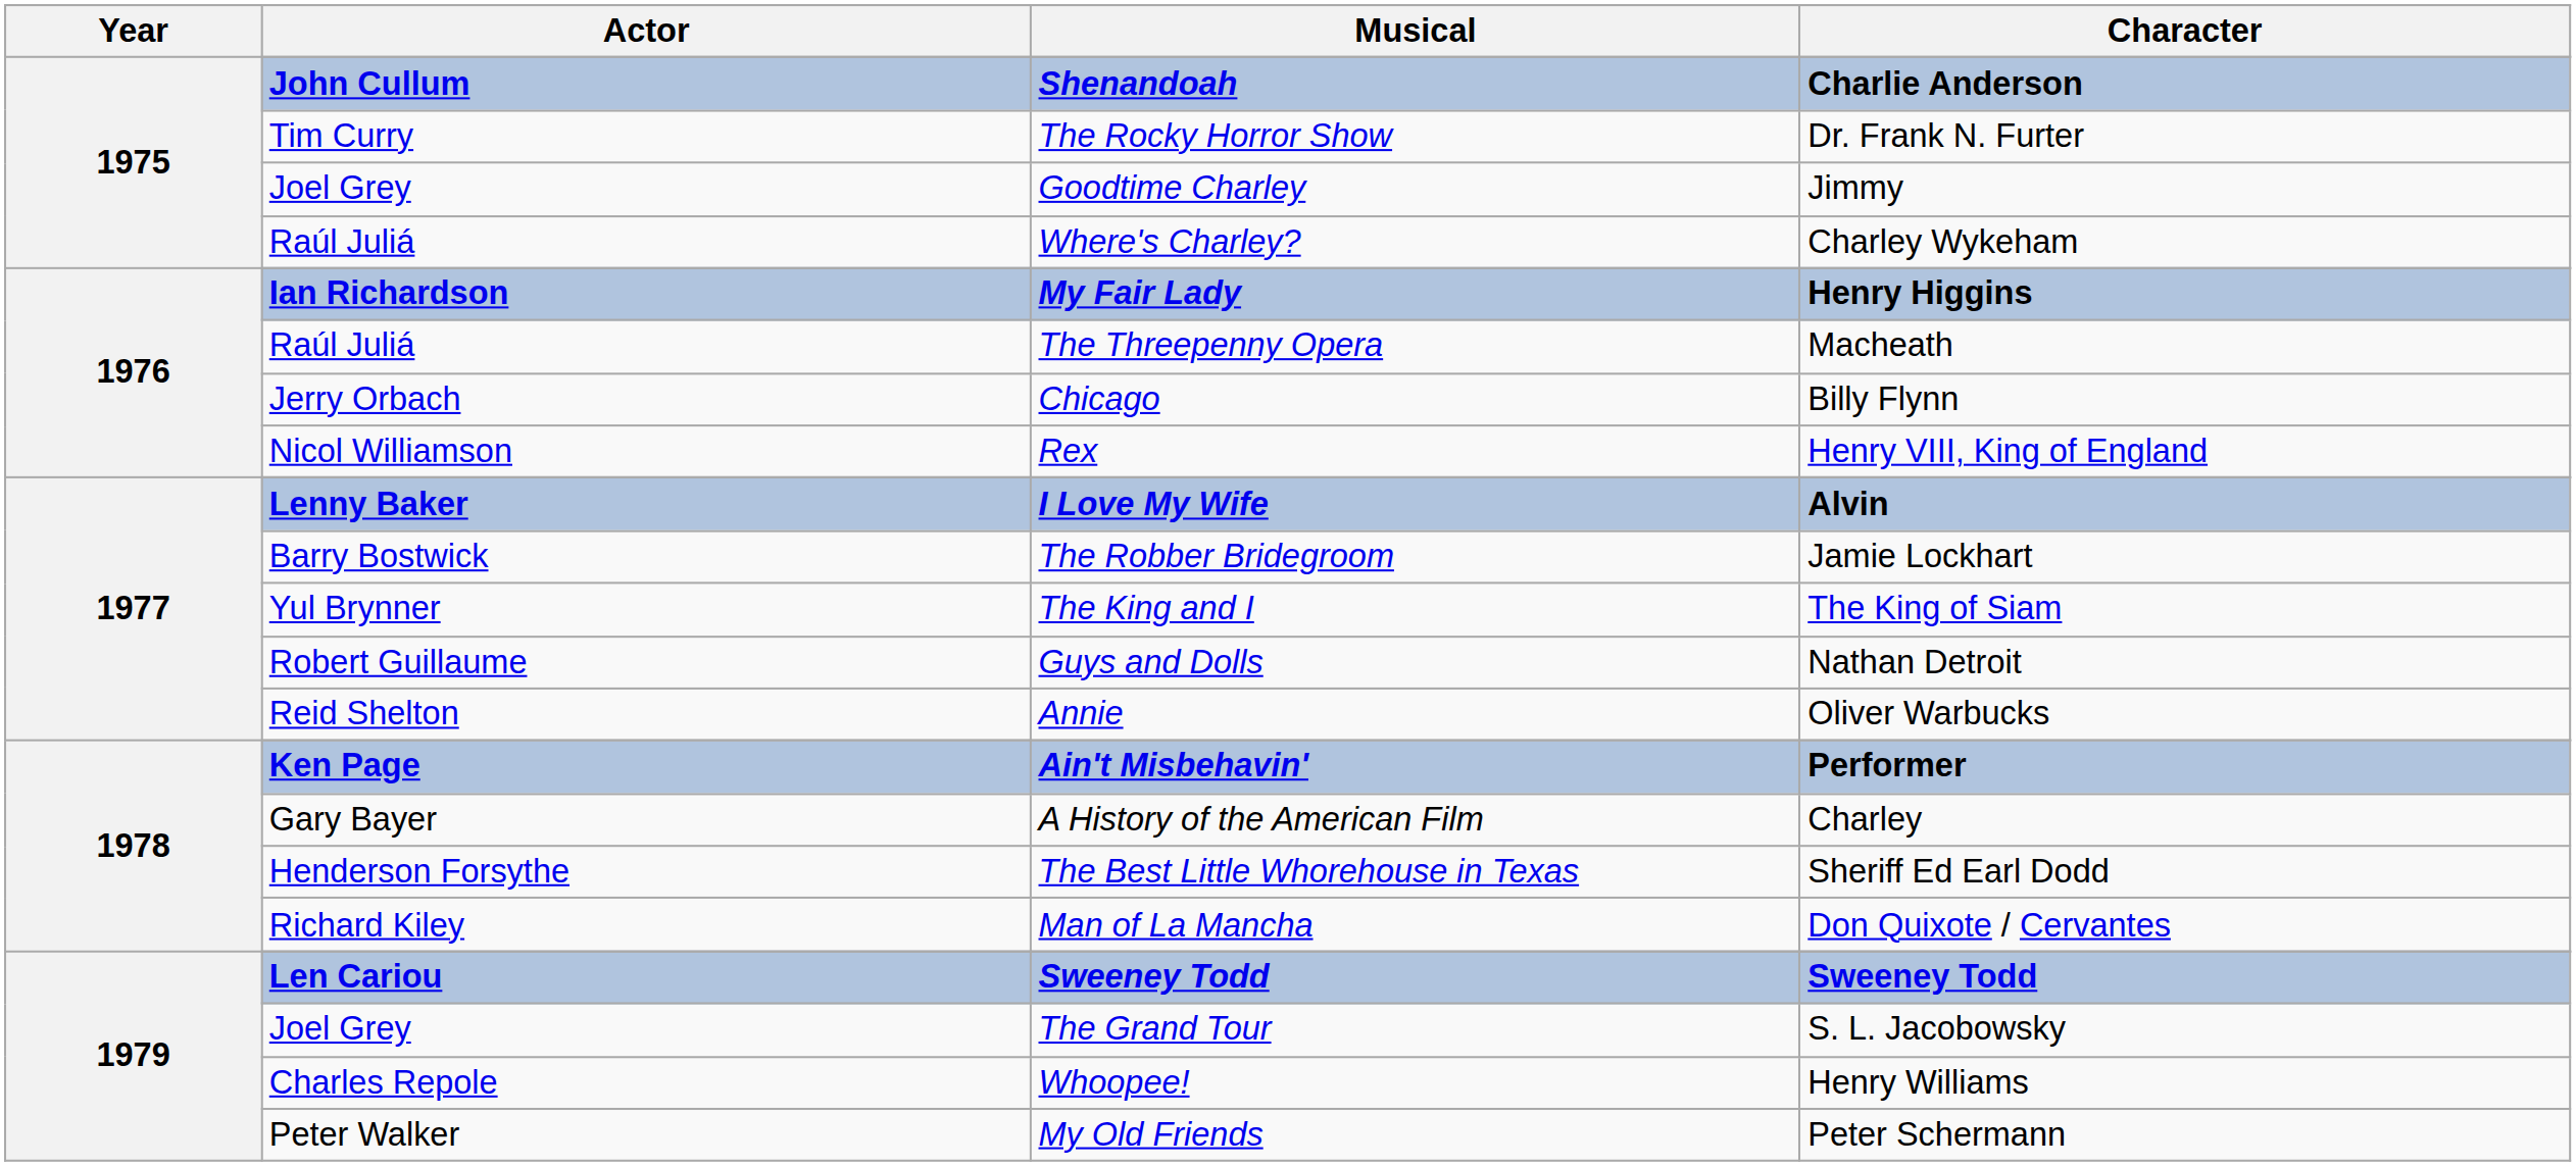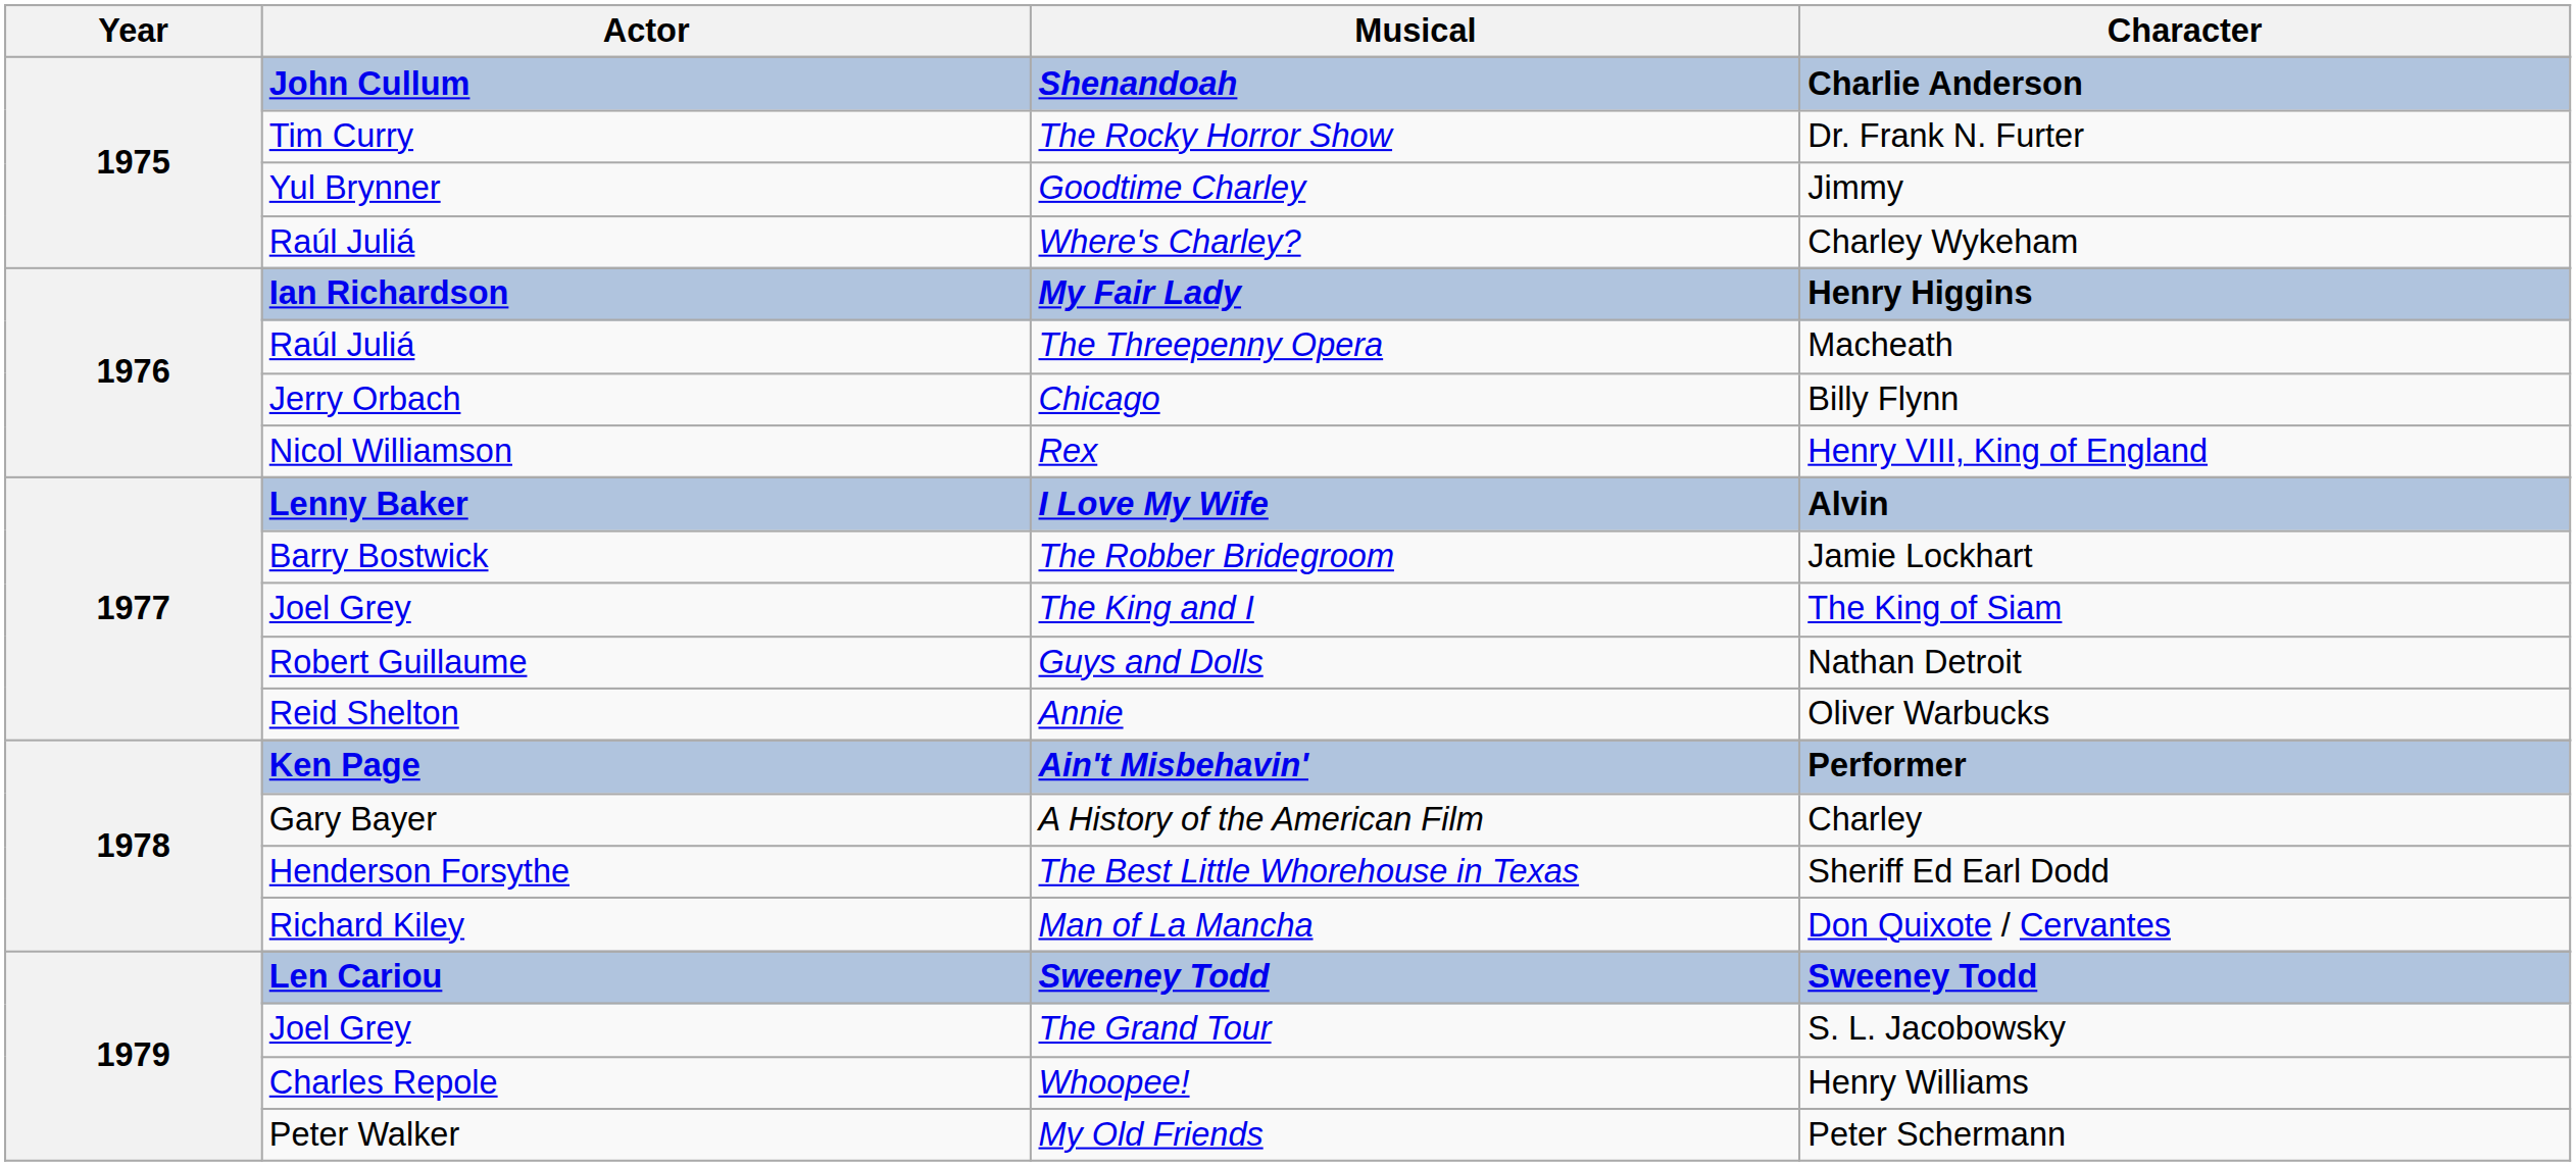 <table class="wikitable" style="width:98%;">
 <tr style="background:#bebebe;">
 <th style="width:10%;">Year</th>
 <th style="width:30%;">Actor</th>
 <th style="width:30%;">Musical</th>
 <th style="width:30%;">Character</th>
 </tr>
 <tr>
 <th rowspan="5">1975</th>
 </tr>
 <tr style="background:#B0C4DE">
 <td><strong><a href='#'>John Cullum</a></strong></td>
 <td><strong><em><a href='#'>Shenandoah</a></em></strong></td>
 <td><strong>Charlie Anderson</strong></td>
 </tr>
 <tr>
 <td><a href='#'>Tim Curry</a></td>
 <td><em><a href='#'>The Rocky Horror Show</a></em></td>
 <td>Dr. Frank N. Furter</td>
 </tr>
 <tr>
-<td><a href='#'>Joel Grey</a></td>
+<td><a href='#'>Yul Brynner</a></td>
 <td><em><a href='#'>Goodtime Charley</a></em></td>
 <td>Jimmy</td>
 </tr>
 <tr>
 <td><a href='#'>Raúl Juliá</a></td>
 <td><em><a href='#'>Where's Charley?</a></em></td>
 <td>Charley Wykeham</td>
 </tr>
 <tr>
 <th rowspan="5">1976</th>
 </tr>
 <tr style="background:#B0C4DE">
 <td><strong><a href='#'>Ian Richardson</a></strong></td>
 <td><strong><em><a href='#'>My Fair Lady</a></em></strong></td>
 <td><strong>Henry Higgins</strong></td>
 </tr>
 <tr>
 <td><a href='#'>Raúl Juliá</a></td>
 <td><em><a href='#'>The Threepenny Opera</a></em></td>
 <td>Macheath</td>
 </tr>
 <tr>
 <td><a href='#'>Jerry Orbach</a></td>
 <td><em><a href='#'>Chicago</a></em></td>
 <td>Billy Flynn</td>
 </tr>
 <tr>
 <td><a href='#'>Nicol Williamson</a></td>
 <td><em><a href='#'>Rex</a></em></td>
 <td><a href='#'>Henry VIII, King of England</a></td>
 </tr>
 <tr>
 <th rowspan="6">1977</th>
 </tr>
 <tr style="background:#B0C4DE">
 <td><strong><a href='#'>Lenny Baker</a></strong></td>
 <td><strong><em><a href='#'>I Love My Wife</a></em></strong></td>
 <td><strong>Alvin</strong></td>
 </tr>
 <tr>
 <td><a href='#'>Barry Bostwick</a></td>
 <td><em><a href='#'>The Robber Bridegroom</a></em></td>
 <td>Jamie Lockhart</td>
 </tr>
 <tr>
-<td><a href='#'>Yul Brynner</a></td>
+<td><a href='#'>Joel Grey</a></td>
 <td><em><a href='#'>The King and I</a></em></td>
 <td><a href='#'>The King of Siam</a></td>
 </tr>
 <tr>
 <td><a href='#'>Robert Guillaume</a></td>
 <td><em><a href='#'>Guys and Dolls</a></em></td>
 <td>Nathan Detroit</td>
 </tr>
 <tr>
 <td><a href='#'>Reid Shelton</a></td>
 <td><em><a href='#'>Annie</a></em></td>
 <td>Oliver Warbucks</td>
 </tr>
 <tr>
 <th rowspan="5">1978</th>
 </tr>
 <tr style="background:#B0C4DE">
 <td><strong><a href='#'>Ken Page</a></strong></td>
 <td><strong><em><a href='#'>Ain't Misbehavin'</a></em></strong></td>
 <td><strong>Performer</strong></td>
 </tr>
 <tr>
 <td>Gary Bayer</td>
 <td><em>A History of the American Film</em></td>
 <td>Charley</td>
 </tr>
 <tr>
 <td><a href='#'>Henderson Forsythe</a></td>
 <td><em><a href='#'>The Best Little Whorehouse in Texas</a></em></td>
 <td>Sheriff Ed Earl Dodd</td>
 </tr>
 <tr>
 <td><a href='#'>Richard Kiley</a></td>
 <td><em><a href='#'>Man of La Mancha</a></em></td>
 <td><a href='#'>Don Quixote</a> / <a href='#'>Cervantes</a></td>
 </tr>
 <tr>
 <th rowspan="5">1979</th>
 </tr>
 <tr style="background:#B0C4DE">
 <td><strong><a href='#'>Len Cariou</a></strong></td>
 <td><strong><em><a href='#'>Sweeney Todd</a></em></strong></td>
 <td><strong><a href='#'>Sweeney Todd</a></strong></td>
 </tr>
 <tr>
 <td><a href='#'>Joel Grey</a></td>
 <td><em><a href='#'>The Grand Tour</a></em></td>
 <td>S. L. Jacobowsky</td>
 </tr>
 <tr>
 <td><a href='#'>Charles Repole</a></td>
 <td><em><a href='#'>Whoopee!</a></em></td>
 <td>Henry Williams</td>
 </tr>
 <tr>
 <td>Peter Walker</td>
 <td><em><a href='#'>My Old Friends</a></em></td>
 <td>Peter Schermann</td>
 </tr>
 </table>
